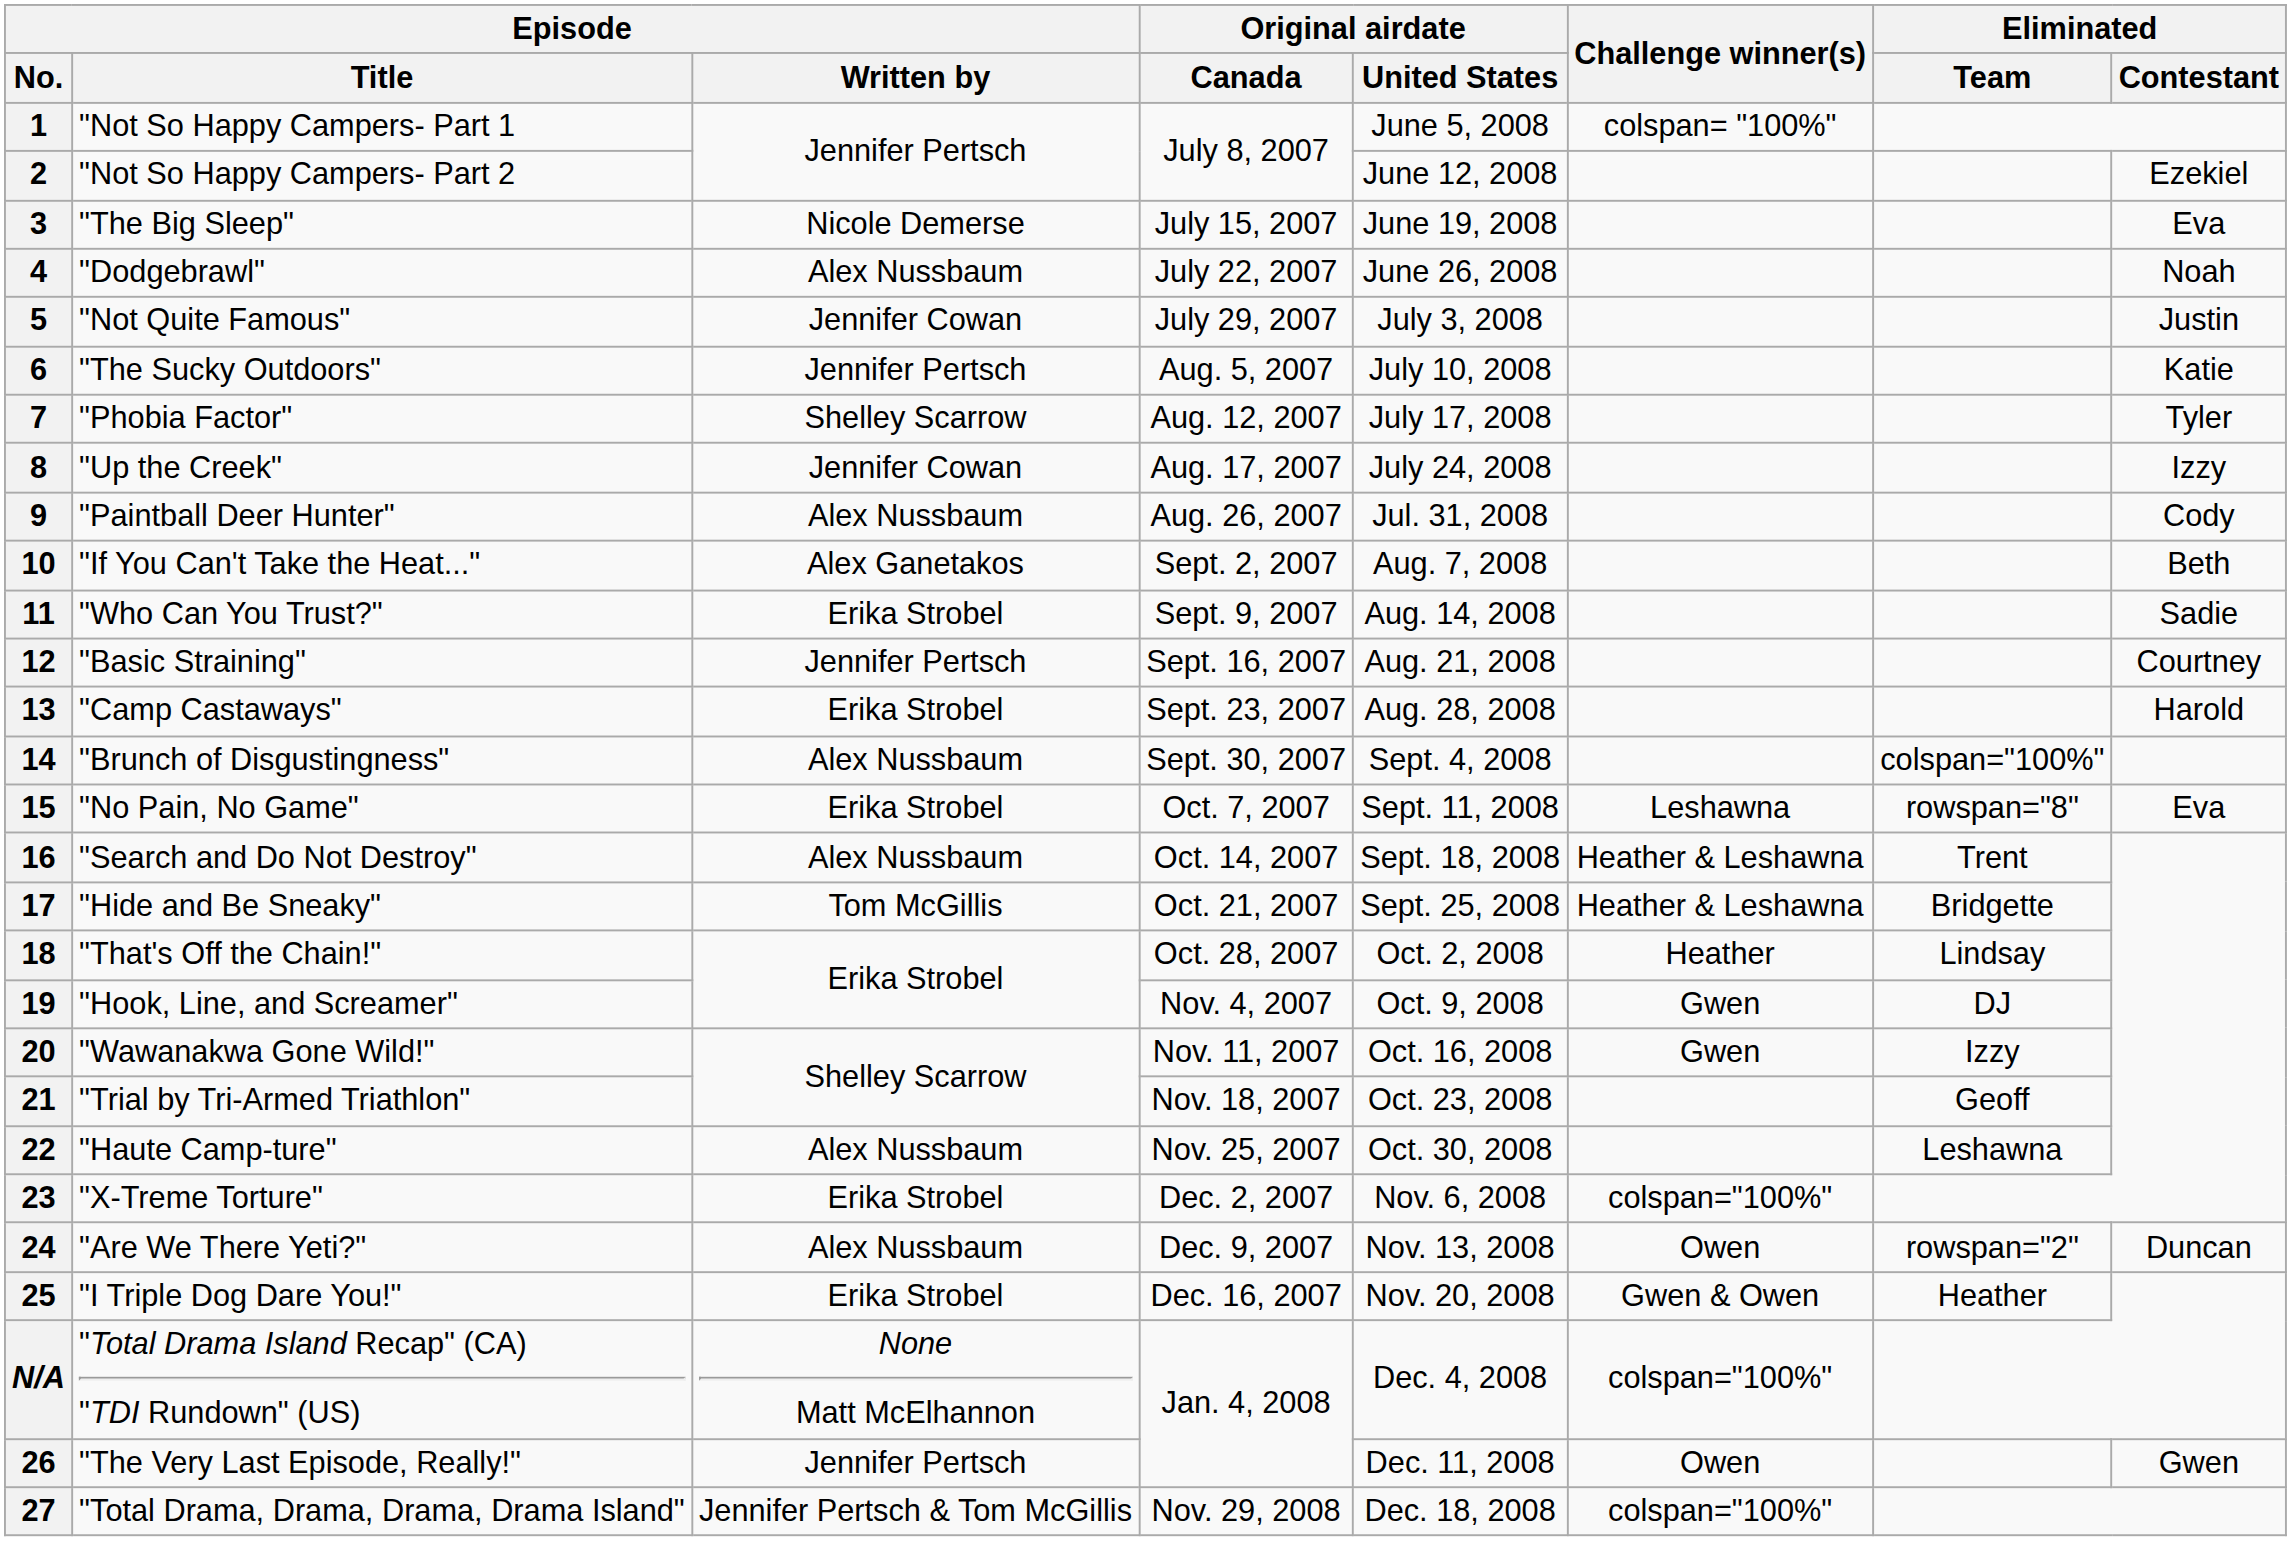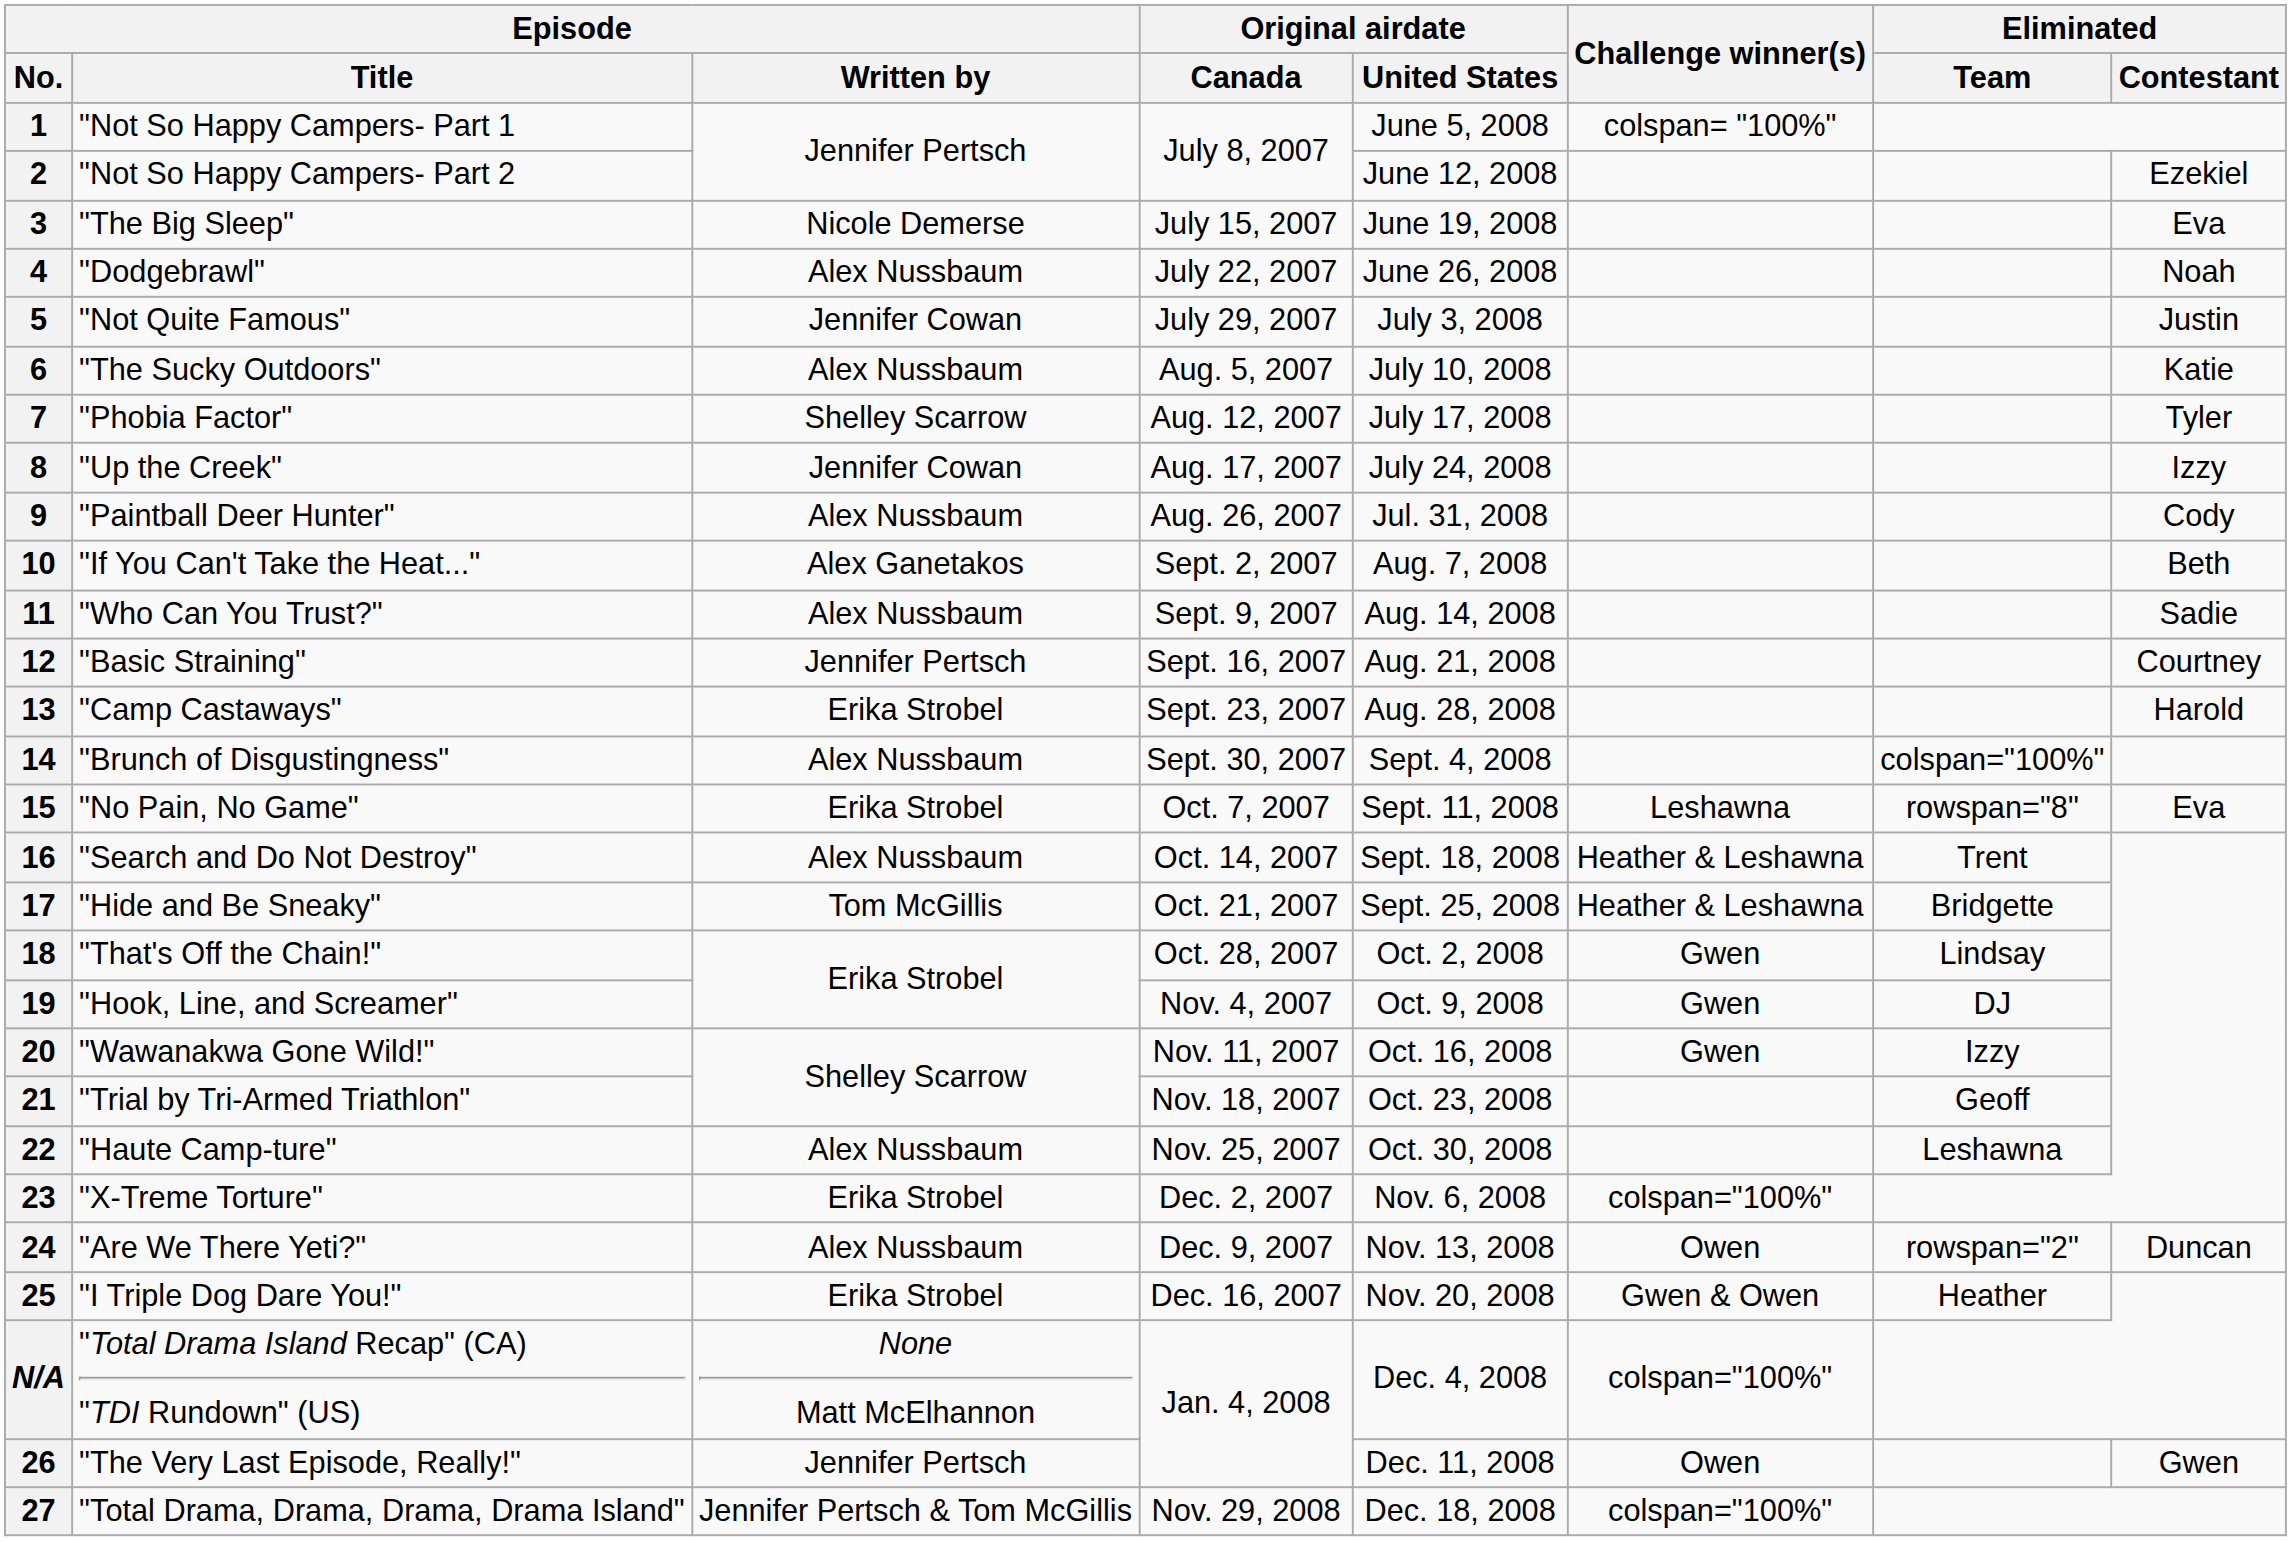 <table class="wikitable" style="text-align:center; width:auto;" align="center">
 <tr>
 <th colspan="3">Episode</th>
 <th colspan="2">Original airdate</th>
 <th rowspan="2">Challenge winner(s)</th>
 <th colspan="2">Eliminated</th>
 </tr>
 <tr>
 <th>No.</th>
 <th>Title</th>
 <th>Written by</th>
 <th>Canada</th>
 <th>United States</th>
 <th>Team</th>
 <th>Contestant</th>
 </tr>
 <tr>
 <th>1</th>
 <td align="left">"Not So Happy Campers- Part 1</td>
 <td rowspan="2">Jennifer Pertsch</td>
 <td rowspan="2">July 8, 2007</td>
 <td>June 5, 2008</td>
 <td>colspan= "100%" </td>
 </tr>
 <tr>
 <th>2</th>
 <td align="left">"Not So Happy Campers- Part 2</td>
 <td>June 12, 2008</td>
 <td></td>
 <td></td>
 <td>Ezekiel</td>
 </tr>
 <tr>
 <th>3</th>
 <td align="left">"The Big Sleep"</td>
 <td>Nicole Demerse</td>
 <td>July 15, 2007</td>
 <td>June 19, 2008</td>
 <td></td>
 <td></td>
 <td>Eva</td>
 </tr>
 <tr>
 <th>4</th>
 <td align="left">"Dodgebrawl"</td>
 <td>Alex Nussbaum</td>
 <td>July 22, 2007</td>
 <td>June 26, 2008</td>
 <td></td>
 <td></td>
 <td>Noah</td>
 </tr>
 <tr>
 <th>5</th>
 <td align="left">"Not Quite Famous"</td>
 <td>Jennifer Cowan</td>
 <td>July 29, 2007</td>
 <td>July 3, 2008</td>
 <td></td>
 <td></td>
 <td>Justin</td>
 </tr>
 <tr>
 <th>6</th>
 <td align="left">"The Sucky Outdoors"</td>
-<td>Jennifer Pertsch</td>
+<td>Alex Nussbaum</td>
 <td>Aug. 5, 2007</td>
 <td>July 10, 2008</td>
 <td></td>
 <td></td>
 <td>Katie</td>
 </tr>
 <tr>
 <th>7</th>
 <td align="left">"Phobia Factor"</td>
 <td>Shelley Scarrow</td>
 <td>Aug. 12, 2007</td>
 <td>July 17, 2008</td>
 <td></td>
 <td></td>
 <td>Tyler</td>
 </tr>
 <tr>
 <th>8</th>
 <td align="left">"Up the Creek"</td>
 <td>Jennifer Cowan</td>
 <td>Aug. 17, 2007</td>
 <td>July 24, 2008</td>
 <td></td>
 <td></td>
 <td>Izzy</td>
 </tr>
 <tr>
 <th>9</th>
 <td align="left">"Paintball Deer Hunter"</td>
 <td>Alex Nussbaum</td>
 <td>Aug. 26, 2007</td>
 <td>Jul. 31, 2008</td>
 <td></td>
 <td></td>
 <td>Cody</td>
 </tr>
 <tr>
 <th>10</th>
 <td align="left">"If You Can't Take the Heat..."</td>
 <td>Alex Ganetakos</td>
 <td>Sept. 2, 2007</td>
 <td>Aug. 7, 2008</td>
 <td></td>
 <td></td>
 <td>Beth</td>
 </tr>
 <tr>
 <th>11</th>
 <td align="left">"Who Can You Trust?"</td>
-<td>Erika Strobel</td>
+<td>Alex Nussbaum</td>
 <td>Sept. 9, 2007</td>
 <td>Aug. 14, 2008</td>
 <td></td>
 <td></td>
 <td>Sadie</td>
 </tr>
 <tr>
 <th>12</th>
 <td align="left">"Basic Straining"</td>
 <td>Jennifer Pertsch</td>
 <td>Sept. 16, 2007</td>
 <td>Aug. 21, 2008</td>
 <td></td>
 <td></td>
 <td>Courtney</td>
 </tr>
 <tr>
 <th>13</th>
 <td align="left">"Camp Castaways"</td>
 <td>Erika Strobel</td>
 <td>Sept. 23, 2007</td>
 <td>Aug. 28, 2008</td>
 <td></td>
 <td></td>
 <td>Harold</td>
 </tr>
 <tr>
 <th>14</th>
 <td align="left">"Brunch of Disgustingness"</td>
 <td>Alex Nussbaum</td>
 <td>Sept. 30, 2007</td>
 <td>Sept. 4, 2008</td>
 <td><br></td>
 <td>colspan="100%" </td>
 </tr>
 <tr>
 <th>15</th>
 <td align="left">"No Pain, No Game"</td>
 <td>Erika Strobel</td>
 <td>Oct. 7, 2007</td>
 <td>Sept. 11, 2008</td>
 <td>Leshawna</td>
 <td>rowspan="8" </td>
 <td>Eva</td>
 </tr>
 <tr>
 <th>16</th>
 <td align="left">"Search and Do Not Destroy"</td>
 <td>Alex Nussbaum</td>
 <td>Oct. 14, 2007</td>
 <td>Sept. 18, 2008</td>
 <td>Heather & Leshawna</td>
 <td>Trent</td>
 </tr>
 <tr>
 <th>17</th>
 <td align="left">"Hide and Be Sneaky"</td>
 <td>Tom McGillis</td>
 <td>Oct. 21, 2007</td>
 <td>Sept. 25, 2008</td>
 <td>Heather & Leshawna</td>
 <td>Bridgette</td>
 </tr>
 <tr>
 <th>18</th>
 <td align="left">"That's Off the Chain!"</td>
 <td rowspan="2">Erika Strobel</td>
 <td>Oct. 28, 2007</td>
 <td>Oct. 2, 2008</td>
-<td>Heather</td>
+<td>Gwen</td>
 <td>Lindsay</td>
 </tr>
 <tr>
 <th>19</th>
 <td align="left">"Hook, Line, and Screamer"</td>
 <td>Nov. 4, 2007</td>
 <td>Oct. 9, 2008</td>
 <td>Gwen</td>
 <td>DJ</td>
 </tr>
 <tr>
 <th>20</th>
 <td align="left">"Wawanakwa Gone Wild!"</td>
 <td rowspan="2">Shelley Scarrow</td>
 <td>Nov. 11, 2007</td>
 <td>Oct. 16, 2008</td>
 <td>Gwen</td>
 <td>Izzy</td>
 </tr>
 <tr>
 <th>21</th>
 <td align="left">"Trial by Tri-Armed Triathlon"</td>
 <td>Nov. 18, 2007</td>
 <td>Oct. 23, 2008</td>
 <td></td>
 <td>Geoff</td>
 </tr>
 <tr>
 <th>22</th>
 <td align="left">"Haute Camp-ture"</td>
 <td>Alex Nussbaum</td>
 <td>Nov. 25, 2007</td>
 <td>Oct. 30, 2008</td>
 <td></td>
 <td>Leshawna</td>
 </tr>
 <tr>
 <th>23</th>
 <td align="left">"X-Treme Torture"</td>
 <td>Erika Strobel</td>
 <td>Dec. 2, 2007</td>
 <td>Nov. 6, 2008</td>
 <td>colspan="100%" </td>
 </tr>
 <tr>
 <th>24</th>
 <td align="left">"Are We There Yeti?"</td>
 <td>Alex Nussbaum</td>
 <td>Dec. 9, 2007</td>
 <td>Nov. 13, 2008</td>
 <td>Owen</td>
 <td>rowspan="2" </td>
 <td>Duncan</td>
 </tr>
 <tr>
 <th>25</th>
 <td align="left">"I Triple Dog Dare You!"</td>
 <td>Erika Strobel</td>
 <td>Dec. 16, 2007</td>
 <td>Nov. 20, 2008</td>
 <td>Gwen & Owen</td>
 <td>Heather</td>
 </tr>
 <tr>
 <th><em>N/A</em></th>
 <td align="left">"<em>Total Drama Island</em> Recap" (CA) <hr> "<em>TDI</em> Rundown" (US)</td>
 <td><em>None</em> <hr> Matt McElhannon</td>
 <td rowspan="2">Jan. 4, 2008</td>
 <td>Dec. 4, 2008</td>
 <td>colspan="100%" </td>
 </tr>
 <tr>
 <th>26</th>
 <td align="left">"The Very Last Episode, Really!"</td>
 <td>Jennifer Pertsch</td>
 <td>Dec. 11, 2008</td>
 <td>Owen</td>
 <td></td>
 <td>Gwen</td>
 </tr>
 <tr>
 <th>27</th>
 <td align="left">"Total Drama, Drama, Drama, Drama Island"</td>
 <td>Jennifer Pertsch & Tom McGillis</td>
 <td>Nov. 29, 2008</td>
 <td>Dec. 18, 2008</td>
 <td>colspan="100%" </td>
 </tr>
 </table>
